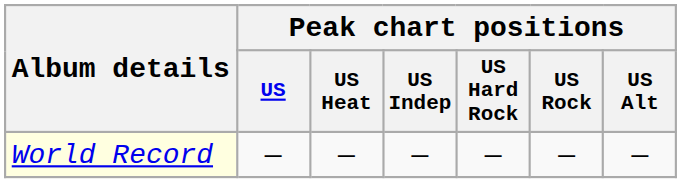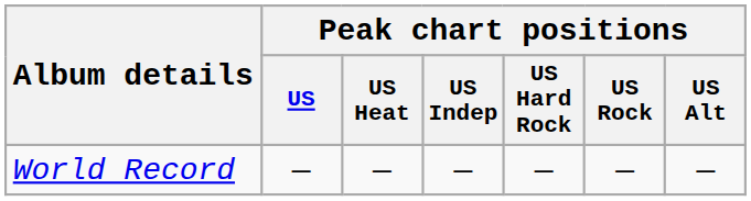 <table class="wikitable" style="text-align:center;">
 <tr>
 <th rowspan="2">Album details</th>
 <th colspan="19">Peak chart positions</th>
 </tr>
 <tr>
 <th style="width:3em;font-size:75%"><a href='#'>US</a></th>
 <th style="width:3em;font-size:75%">US Heat</th>
 <th style="width:3em;font-size:75%">US Indep</th>
 <th style="width:3em;font-size:75%">US Hard Rock</th>
 <th style="width:3em;font-size:75%">US Rock</th>
 <th style="width:3em;font-size:75%">US Alt</th>
 </tr>
 <tr>
-<td align=left style="background: lightyellow;"><em><a href='#'>World Record</a></em><br></td>
+<td align=left><em><a href='#'>World Record</a></em><br></td>
 <td>—</td>
 <td>—</td>
 <td>—</td>
 <td>—</td>
 <td>—</td>
 <td>—</td>
 </tr>
 </table>
